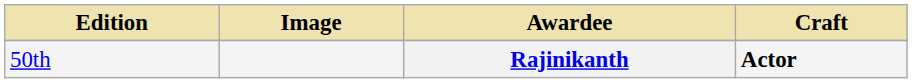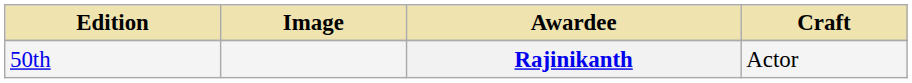 <table class="wikitable plainrowheaders" style="width:50%;">
 <tr>
 <th scope="col" style="background-color:#EFE4B0;">Edition</th>
 <th scope="col" style="background-color:#EFE4B0;">Image</th>
 <th scope="col" style="background-color:#EFE4B0;">Awardee</th>
 <th scope="col" style="background-color:#EFE4B0;">Craft</th>
 </tr>
 <tr style="background-color:#F4F4F4">
 </tr>
 <tr style="background-color:#F4F4F4">
 <td><a href='#'>50th</a></td>
 <td></td>
 <th><a href='#'>Rajinikanth</a></th>
-<td><strong>Actor</strong></td>
+<td>Actor</td>
 </tr>
 </table>
